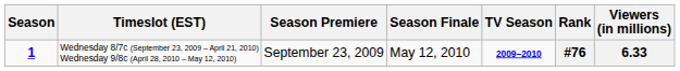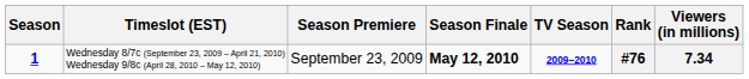 <table class="wikitable">
 <tr style="background:#e0e0e0;">
 <th>Season</th>
 <th>Timeslot (EST)</th>
 <th>Season Premiere</th>
 <th>Season Finale</th>
 <th>TV Season</th>
 <th>Rank</th>
 <th>Viewers<br>(in millions)</th>
 </tr>
 <tr style="background:#f9f9f9;">
 <th style="background:#F9F9F9;text-align:center"><strong><a href='#'>1</a></strong></th>
 <th style="background:#F9F9F9;font-size:11px;font-weight:normal;text-align:left;line-height:110%">Wednesday 8/7c <small>(September 23, 2009 – April 21, 2010)</small><br>Wednesday 9/8c <small>(April 28, 2010 – May 12, 2010)</small></th>
 <td>September 23, 2009</td>
-<td>May 12, 2010</td>
+<td><strong>May 12, 2010</strong></td>
 <td style="font-size:11px;text-align:center;"><strong><a href='#'>2009–2010</a></strong></td>
 <th style="text-align:center"><strong>#76</strong></th>
-<th style="text-align:center"><strong>6.33</strong></th>
+<th style="text-align:center"><strong>7.34</strong></th>
 </tr>
 </table>
